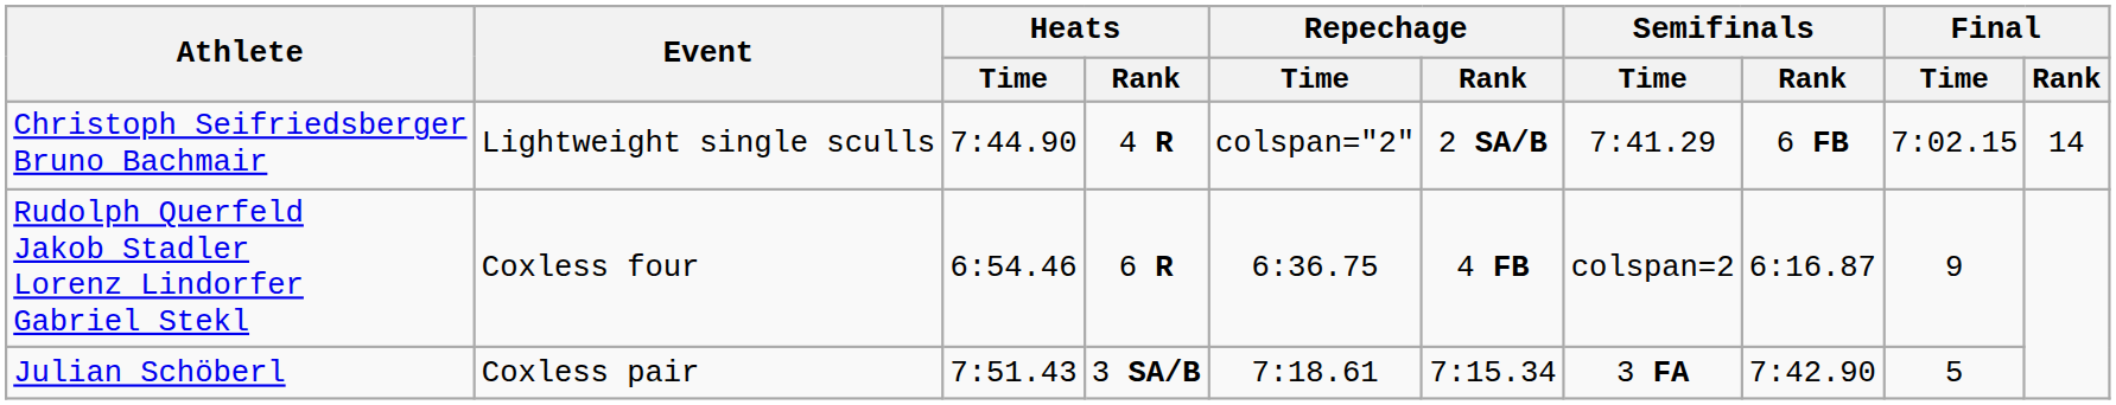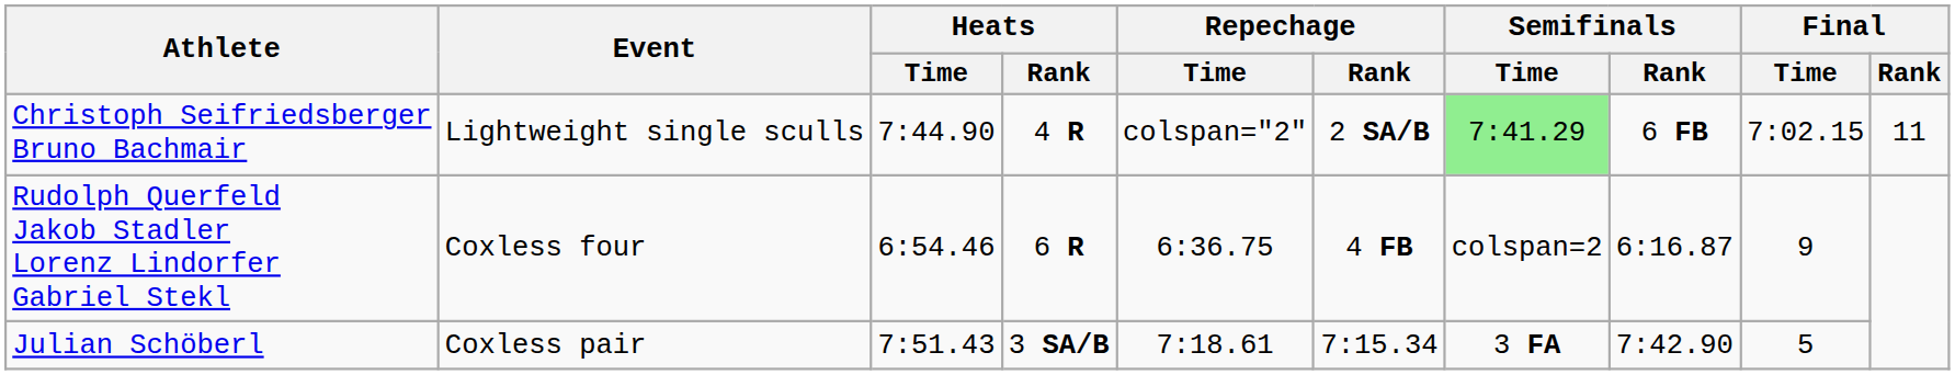 <table class="wikitable" style="font-size:90%">
 <tr>
 <th rowspan="2">Athlete</th>
 <th rowspan="2">Event</th>
 <th colspan="2">Heats</th>
 <th colspan="2">Repechage</th>
 <th colspan="2">Semifinals</th>
 <th colspan="2">Final</th>
 </tr>
 <tr style="font-size:95%">
 <th>Time</th>
 <th>Rank</th>
 <th>Time</th>
 <th>Rank</th>
 <th>Time</th>
 <th>Rank</th>
 <th>Time</th>
 <th>Rank</th>
 </tr>
 <tr align=center>
 <td align=left><a href='#'>Christoph Seifriedsberger</a><br><a href='#'>Bruno Bachmair</a></td>
 <td align=left>Lightweight single sculls</td>
 <td>7:44.90</td>
 <td>4 <strong>R</strong></td>
 <td>colspan="2"</td>
 <td>2 <strong>SA/B</strong></td>
-<td>7:41.29</td>
+<td style="background: lightgreen;">7:41.29</td>
 <td>6 <strong>FB</strong></td>
 <td>7:02.15</td>
-<td>14</td>
+<td>11</td>
 </tr>
 <tr align=center>
 <td align=left><a href='#'>Rudolph Querfeld</a><br><a href='#'>Jakob Stadler</a><br><a href='#'>Lorenz Lindorfer</a><br><a href='#'>Gabriel Stekl</a></td>
 <td align=left>Coxless four</td>
 <td>6:54.46</td>
 <td>6 <strong>R</strong></td>
 <td>6:36.75</td>
 <td>4 <strong>FB</strong></td>
 <td>colspan=2</td>
 <td>6:16.87</td>
 <td>9</td>
 </tr>
 <tr align=center>
 <td align=left><a href='#'>Julian Schöberl</a></td>
 <td align=left>Coxless pair</td>
 <td>7:51.43</td>
 <td>3 <strong>SA/B</strong></td>
 <td>7:18.61</td>
 <td>7:15.34</td>
 <td>3 <strong>FA</strong></td>
 <td>7:42.90</td>
 <td>5</td>
 </tr>
 </table>
